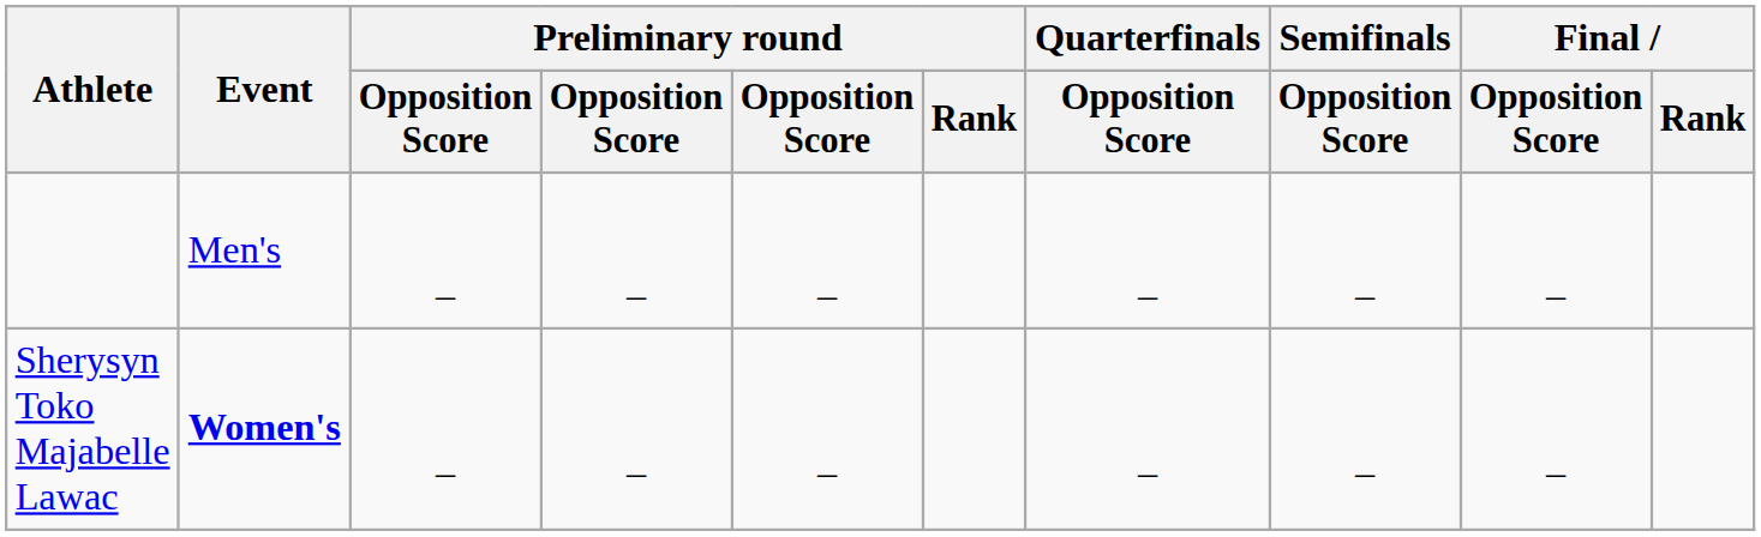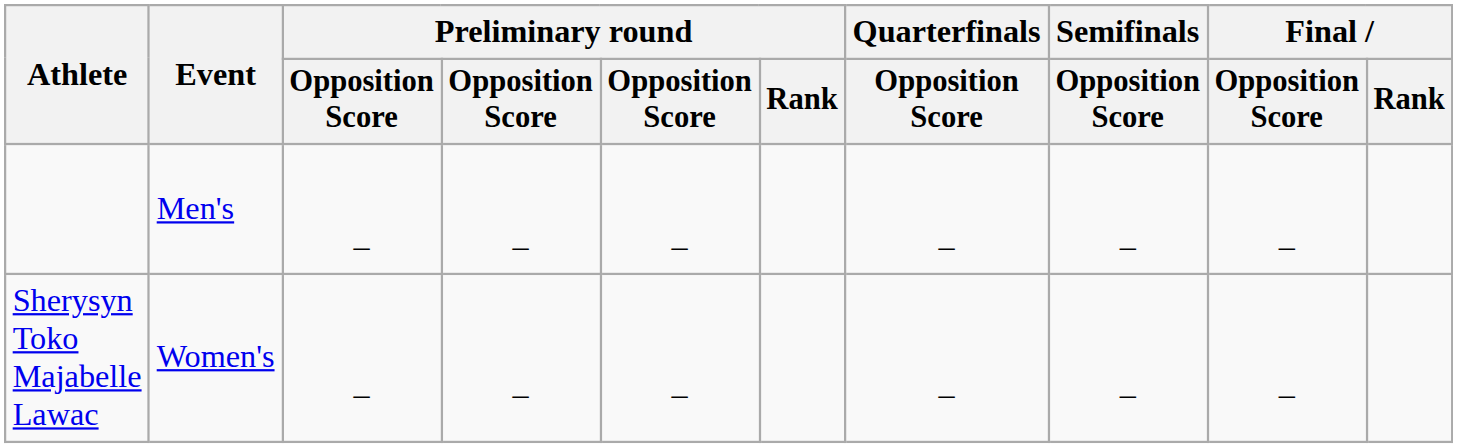 <table class=wikitable style=font-size:90%;text-align:center>
 <tr>
 <th rowspan=2>Athlete</th>
 <th rowspan=2>Event</th>
 <th colspan=4>Preliminary round</th>
 <th>Quarterfinals</th>
 <th>Semifinals</th>
 <th colspan=2>Final / </th>
 </tr>
 <tr style=font-size:95%>
 <th>Opposition<br>Score</th>
 <th>Opposition<br>Score</th>
 <th>Opposition<br>Score</th>
 <th>Rank</th>
 <th>Opposition<br>Score</th>
 <th>Opposition<br>Score</th>
 <th>Opposition<br>Score</th>
 <th>Rank</th>
 </tr>
 <tr>
 <td align=left><br></td>
 <td align=left><a href='#'>Men's</a></td>
 <td><br> <br> –</td>
 <td><br> <br> –</td>
 <td><br> <br> –</td>
 <td></td>
 <td><br> <br> –</td>
 <td><br> <br> –</td>
 <td><br> <br> –</td>
 <td></td>
 </tr>
 <tr>
 <td align=left><a href='#'>Sherysyn Toko</a><br><a href='#'>Majabelle Lawac</a></td>
-<td align=left><strong><a href='#'>Women's</a></strong></td>
+<td align=left><a href='#'>Women's</a></td>
 <td><br> <br> –</td>
 <td><br> <br> –</td>
 <td><br> <br> –</td>
 <td></td>
 <td><br> <br> –</td>
 <td><br> <br> –</td>
 <td><br> <br> –</td>
 <td></td>
 </tr>
 </table>
